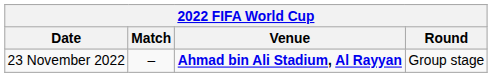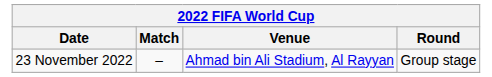 <table class="wikitable" style="margin:1em auto 1em auto; text-align:center; font-size:small;">
 <tr>
 <th colspan="4"><a href='#'>2022 FIFA World Cup</a></th>
 </tr>
 <tr>
 <th>Date</th>
 <th>Match</th>
 <th>Venue</th>
 <th>Round</th>
 </tr>
 <tr>
 <td>23 November 2022</td>
 <td> – </td>
-<td><strong><a href='#'>Ahmad bin Ali Stadium</a>, <a href='#'>Al Rayyan</a></strong></td>
+<td><a href='#'>Ahmad bin Ali Stadium</a>, <a href='#'>Al Rayyan</a></td>
 <td>Group stage</td>
 </tr>
 </table>
